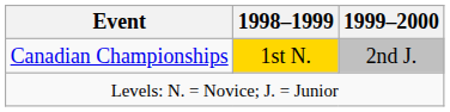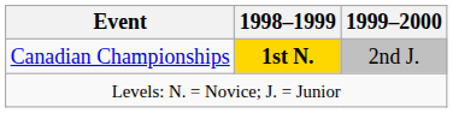 <table class="wikitable" style="text-align:center">
 <tr>
 <th>Event</th>
 <th>1998–1999</th>
 <th>1999–2000</th>
 </tr>
 <tr>
 <td align=left><a href='#'>Canadian Championships</a></td>
-<td bgcolor=gold>1st N.</td>
+<td bgcolor=gold><strong>1st N.</strong></td>
 <td bgcolor=silver>2nd J.</td>
 </tr>
 <tr>
 <td colspan=3 align=center><small> Levels: N. = Novice; J. = Junior </small></td>
 </tr>
 </table>
